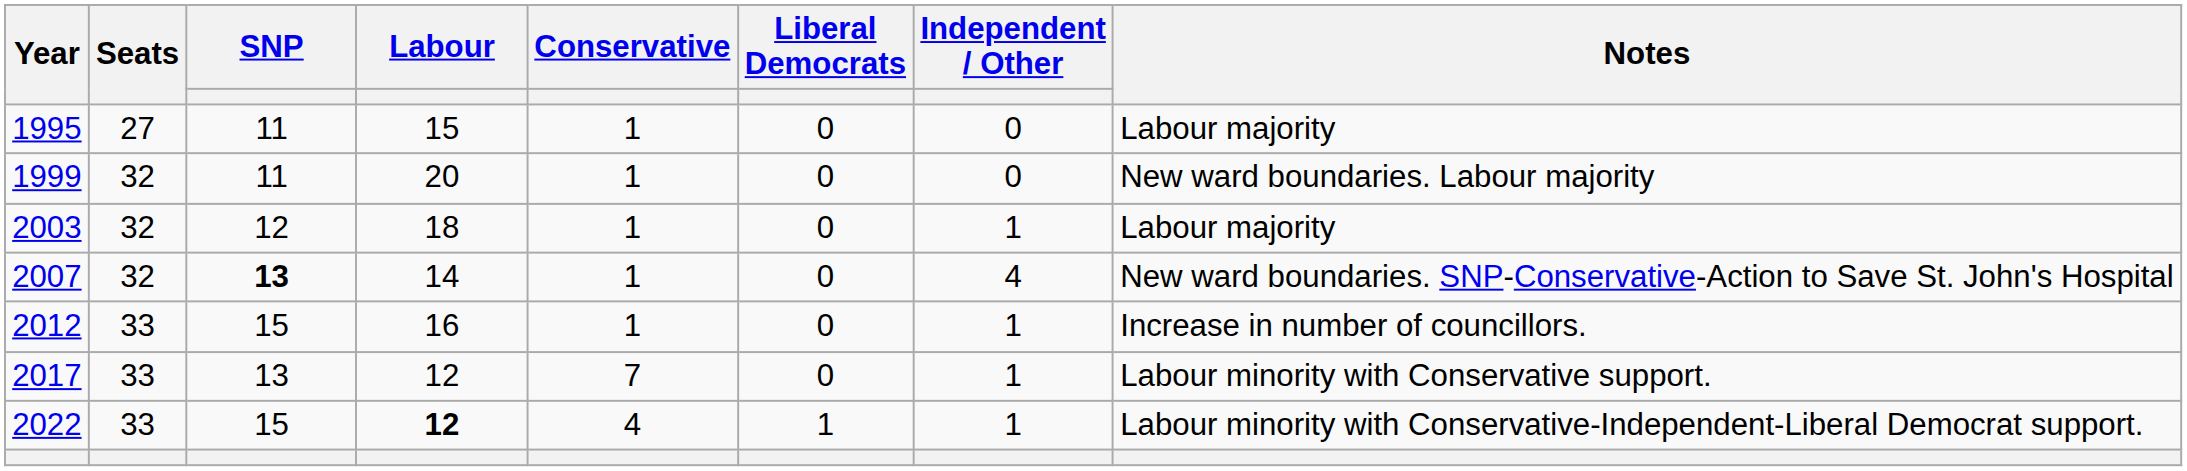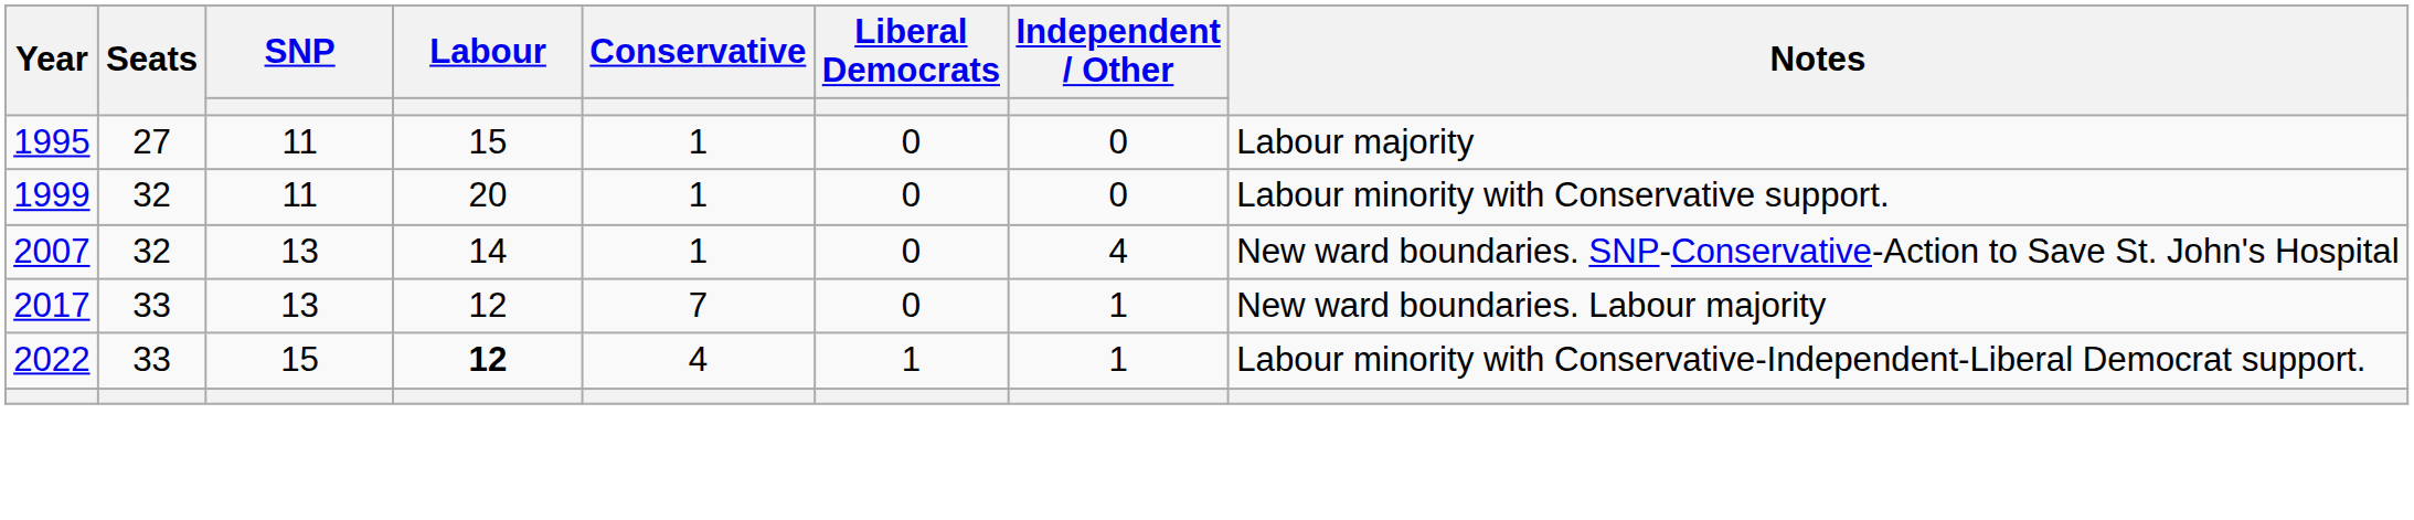 <table class="wikitable" style=text-align:center>
 <tr>
 <th rowspan=2><strong>Year</strong></th>
 <th rowspan=2><strong>Seats</strong></th>
 <th width="80"><a href='#'><strong>SNP</strong></a></th>
 <th width="80"><a href='#'><strong>Labour</strong></a></th>
 <th width="80"><strong><a href='#'>Conservative</a></strong></th>
 <th width="80"><a href='#'><strong>Liberal Democrats</strong></a></th>
 <th width="80"><a href='#'><strong>Independent / Other</strong></a></th>
 <th rowspan=2><strong>Notes</strong></th>
 </tr>
 <tr>
 <th style="background-color: "></th>
 <th style="background-color: "></th>
 <th style="background-color: "></th>
 <th style="background-color: "></th>
 <th style="background-color: "></th>
 </tr>
 <tr>
 <td><a href='#'>1995</a></td>
 <td>27</td>
 <td>11</td>
 <td>15</td>
 <td>1</td>
 <td>0</td>
 <td>0</td>
 <td align=left>Labour majority</td>
 </tr>
 <tr>
 <td><a href='#'>1999</a></td>
 <td>32</td>
 <td>11</td>
 <td>20</td>
 <td>1</td>
 <td>0</td>
 <td>0</td>
-<td align=left>New ward boundaries. Labour majority</td>
-</tr>
-<tr>
-<td><a href='#'>2003</a></td>
-<td>32</td>
-<td>12</td>
-<td>18</td>
-<td>1</td>
-<td>0</td>
-<td>1</td>
-<td align=left>Labour majority</td>
+<td align=left>Labour minority with Conservative support.</td>
 </tr>
 <tr>
 <td><a href='#'>2007</a></td>
 <td>32</td>
-<td><strong>13</strong></td>
+<td>13</td>
 <td>14</td>
 <td>1</td>
 <td>0</td>
 <td>4</td>
 <td align=left>New ward boundaries. <a href='#'>SNP</a>-<a href='#'>Conservative</a>-Action to Save St. John's Hospital</td>
-</tr>
-<tr>
-<td><a href='#'>2012</a></td>
-<td>33</td>
-<td>15</td>
-<td>16</td>
-<td>1</td>
-<td>0</td>
-<td>1</td>
-<td align=left>Increase in number of councillors.</td>
 </tr>
 <tr>
 <td><a href='#'>2017</a></td>
 <td>33</td>
 <td>13</td>
 <td>12</td>
 <td>7</td>
 <td>0</td>
 <td>1</td>
-<td align=left>Labour minority with Conservative support.</td>
+<td align=left>New ward boundaries. Labour majority</td>
 </tr>
 <tr>
 <td><a href='#'>2022</a></td>
 <td>33</td>
 <td>15</td>
 <td><strong>12</strong></td>
 <td>4</td>
 <td>1</td>
 <td>1</td>
 <td align=left>Labour minority with Conservative-Independent-Liberal Democrat support.</td>
 </tr>
 <tr>
 <th></th>
 <th></th>
 <th style="background-color: "></th>
 <th style="background-color: "></th>
 <th style="background-color: "></th>
 <th style="background-color: "></th>
 <th style="background-color: "></th>
 <th></th>
 </tr>
 </table>
